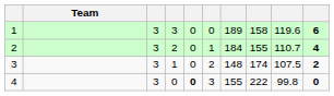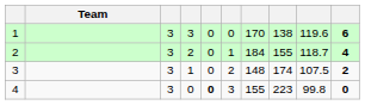 <table class=wikitable style=text-align:center>
 <tr>
 <th width=20 abbr=Position></th>
 <th width=175>Team</th>
 <th width=20 abbr=Played></th>
 <th width=20 abbr=Won></th>
 <th width=20 abbr=Drawn></th>
 <th width=20 abbr=Lost></th>
 <th width=30 abbr=Goal for></th>
 <th width=30 abbr=Goal against></th>
 <th width=30 abbr=Percentage></th>
 <th width=30 abbr=Points></th>
 </tr>
 <tr bgcolor=#CCFFCC>
 <td>1</td>
 <td align="left"></td>
 <td>3</td>
 <td>3</td>
 <td>0</td>
 <td>0</td>
-<td>189</td>
-<td>158</td>
+<td>170</td>
+<td>138</td>
 <td>119.6</td>
 <td><strong>6</strong></td>
 </tr>
 <tr bgcolor=#CCFFCC>
 <td>2</td>
 <td align="left"></td>
 <td>3</td>
 <td>2</td>
 <td>0</td>
 <td>1</td>
 <td>184</td>
 <td>155</td>
-<td>110.7</td>
+<td>118.7</td>
 <td><strong>4</strong></td>
 </tr>
 <tr>
 <td>3</td>
 <td align=left></td>
 <td>3</td>
 <td>1</td>
 <td>0</td>
 <td>2</td>
 <td>148</td>
 <td>174</td>
 <td>107.5</td>
 <td><strong>2</strong></td>
 </tr>
 <tr>
 <td>4</td>
 <td align=left></td>
 <td>3</td>
 <td>0</td>
 <td><strong>0</strong></td>
 <td>3</td>
 <td>155</td>
-<td>222</td>
+<td>223</td>
 <td>99.8</td>
 <td><strong>0</strong></td>
 </tr>
 </table>
